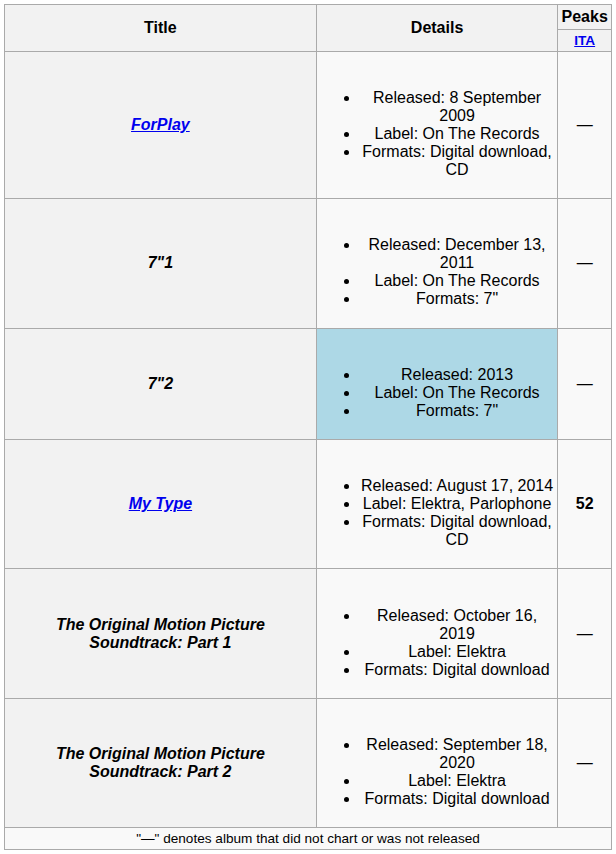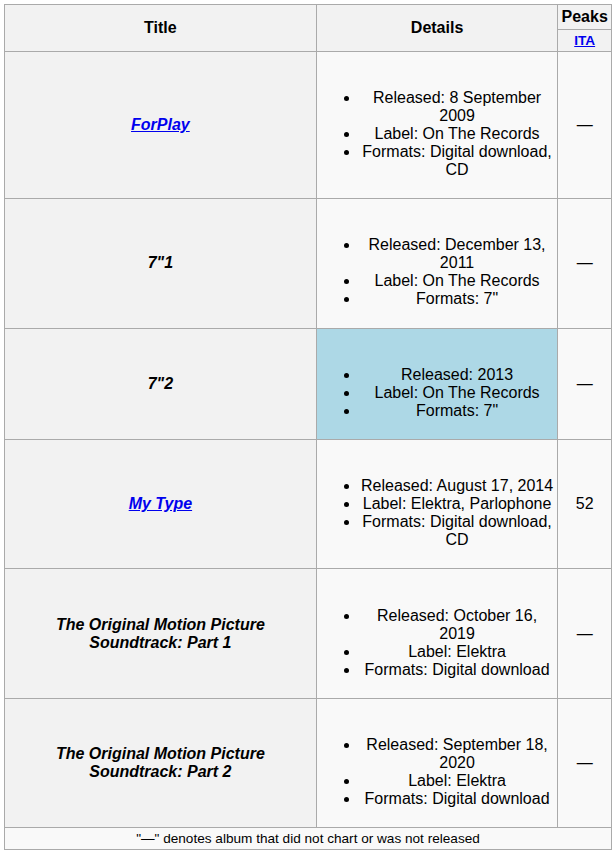 <table class="wikitable plainrowheaders" style="text-align:center;" border="1">
 <tr>
 <th scope="col" rowspan="2">Title</th>
 <th scope="col" rowspan="2">Details</th>
 <th scope="col" colspan="2">Peaks</th>
 </tr>
 <tr>
 <th scope="col" style="width:3em;font-size:85%;"><a href='#'>ITA</a><br></th>
 </tr>
 <tr>
 <th scope="row"><em><a href='#'>ForPlay</a></em></th>
 <td><br><ul><li>Released: 8 September 2009</li><li>Label: On The Records</li><li>Formats: Digital download, CD</li></ul></td>
 <td>—</td>
 </tr>
 <tr>
 <th scope="row"><em>7"1</em></th>
 <td><br><ul><li>Released: December 13, 2011</li><li>Label: On The Records</li><li>Formats: 7"</li></ul></td>
 <td>—</td>
 </tr>
 <tr>
 <th scope="row"><em>7"2</em></th>
 <td style="background: lightblue;"><br><ul><li>Released: 2013</li><li>Label: On The Records</li><li>Formats: 7"</li></ul></td>
 <td>—</td>
 </tr>
 <tr>
 <th scope="row"><em><a href='#'>My Type</a></em></th>
 <td><br><ul><li>Released: August 17, 2014</li><li>Label: Elektra, Parlophone</li><li>Formats: Digital download, CD</li></ul></td>
-<td><strong>52</strong></td>
+<td>52</td>
 </tr>
 <tr>
 <th scope="row"><em>The Original Motion Picture Soundtrack: Part 1</em></th>
 <td><br><ul><li>Released: October 16, 2019</li><li>Label: Elektra</li><li>Formats: Digital download</li></ul></td>
 <td>—</td>
 </tr>
 <tr>
 <th scope="row"><em>The Original Motion Picture Soundtrack: Part 2</em></th>
 <td><br><ul><li>Released: September 18, 2020</li><li>Label: Elektra</li><li>Formats: Digital download</li></ul></td>
 <td>—</td>
 </tr>
 <tr>
 <td colspan="18" style="text-align:center; font-size:85%;">"—" denotes album that did not chart or was not released</td>
 </tr>
 </table>
